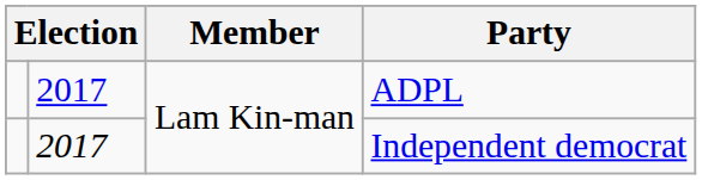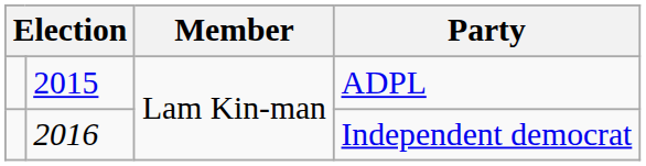 <table class="wikitable">
 <tr>
 <th colspan="2">Election</th>
 <th>Member</th>
 <th>Party</th>
 </tr>
 <tr>
 <td style="background-color:"></td>
-<td><a href='#'>2017</a></td>
+<td><a href='#'>2015</a></td>
 <td rowspan=2>Lam Kin-man</td>
 <td><a href='#'>ADPL</a></td>
 </tr>
 <tr>
 <td style="background-color:"></td>
-<td><em>2017</em></td>
+<td><em>2016</em></td>
 <td><a href='#'>Independent democrat</a></td>
 </tr>
 </table>
